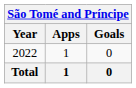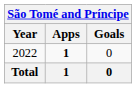 <table class="wikitable" style="text-align:center">
 <tr>
 <th colspan=3><a href='#'>São Tomé and Príncipe</a></th>
 </tr>
 <tr>
 <th>Year</th>
 <th>Apps</th>
 <th>Goals</th>
 </tr>
 <tr>
 <td>2022</td>
-<td>1</td>
+<td><strong>1</strong></td>
 <td>0</td>
 </tr>
 <tr>
 <th>Total</th>
 <th>1</th>
 <th>0</th>
 </tr>
 </table>
